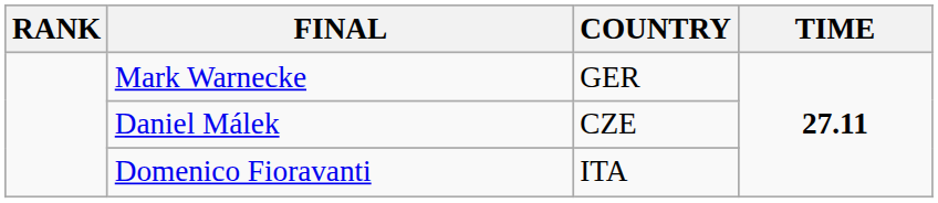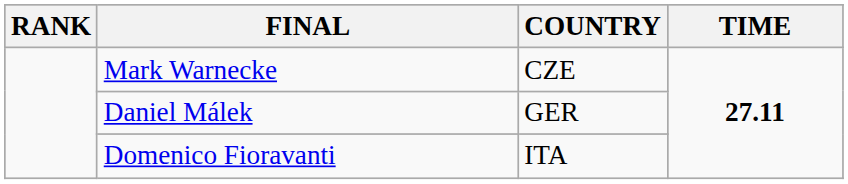 <table class="wikitable">
 <tr>
 <th>RANK</th>
 <th align="left" style="width: 15em">FINAL</th>
 <th>COUNTRY</th>
 <th style="width: 6em">TIME</th>
 </tr>
 <tr>
 <td rowspan=3 align="center"></td>
 <td><a href='#'>Mark Warnecke</a></td>
-<td> GER</td>
+<td> CZE</td>
 <td rowspan=3 align="center"><strong>27.11</strong></td>
 </tr>
 <tr>
 <td><a href='#'>Daniel Málek</a></td>
-<td> CZE</td>
+<td> GER</td>
 </tr>
 <tr>
 <td><a href='#'>Domenico Fioravanti</a></td>
 <td> ITA</td>
 </tr>
 </table>
